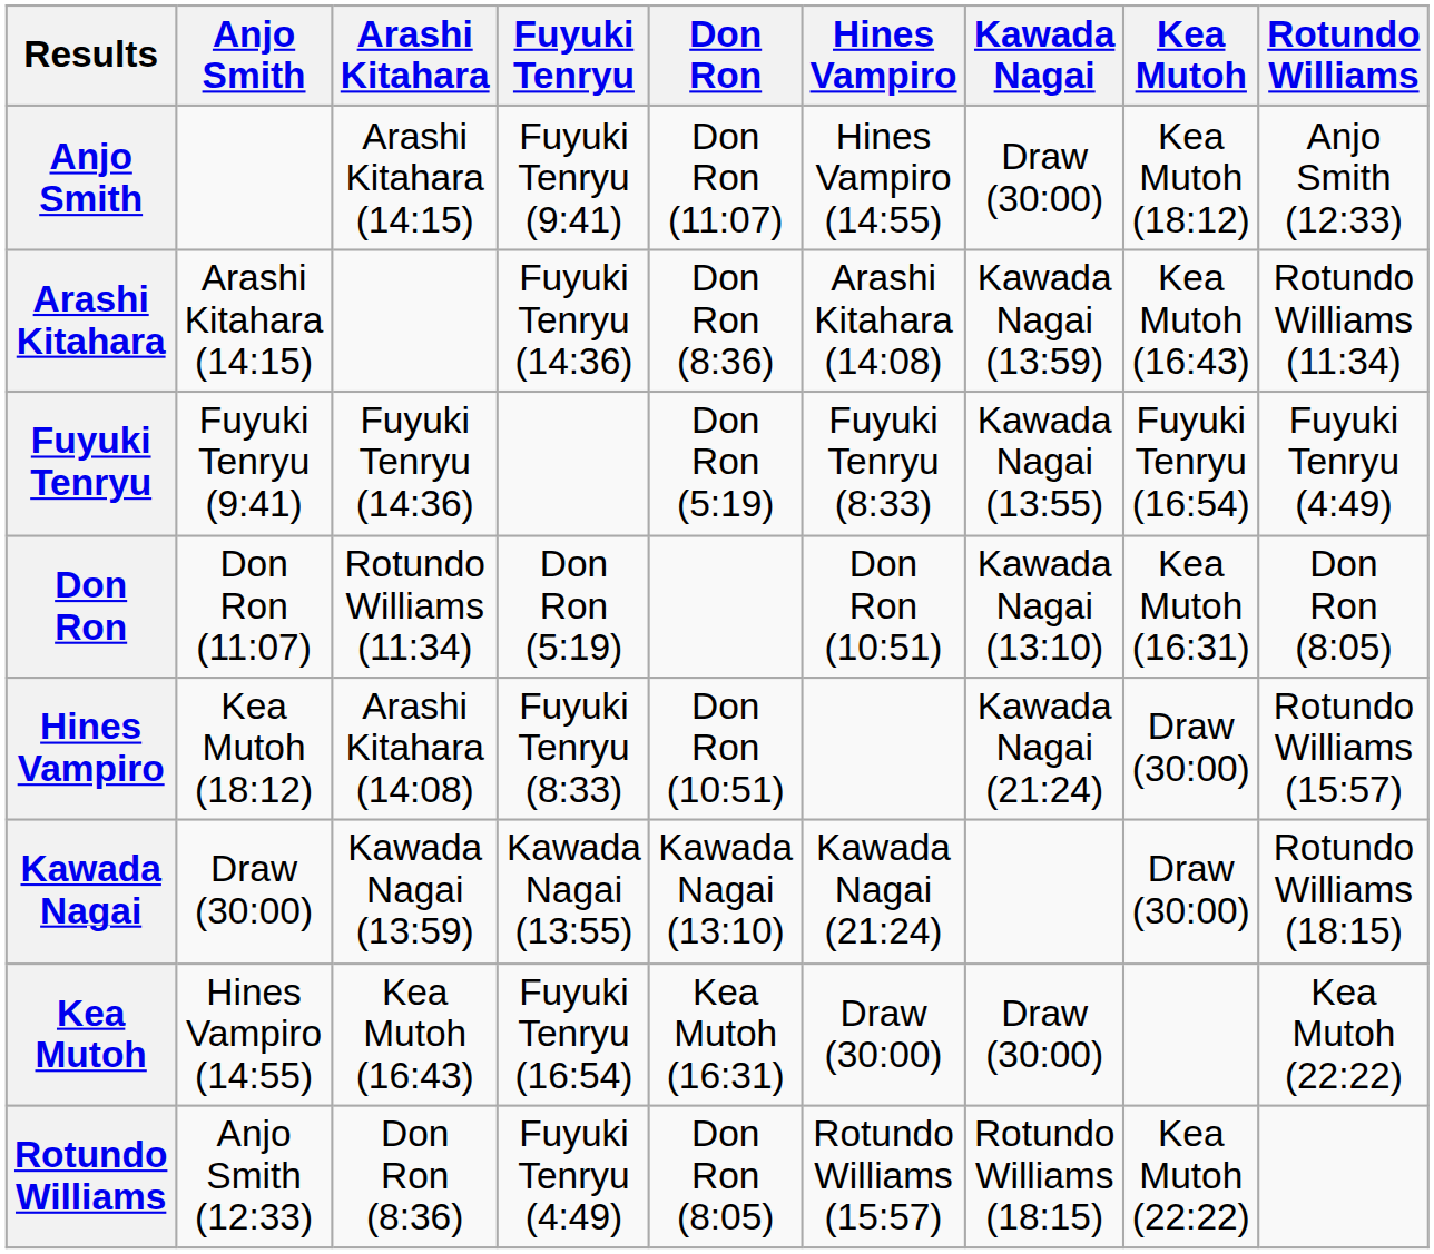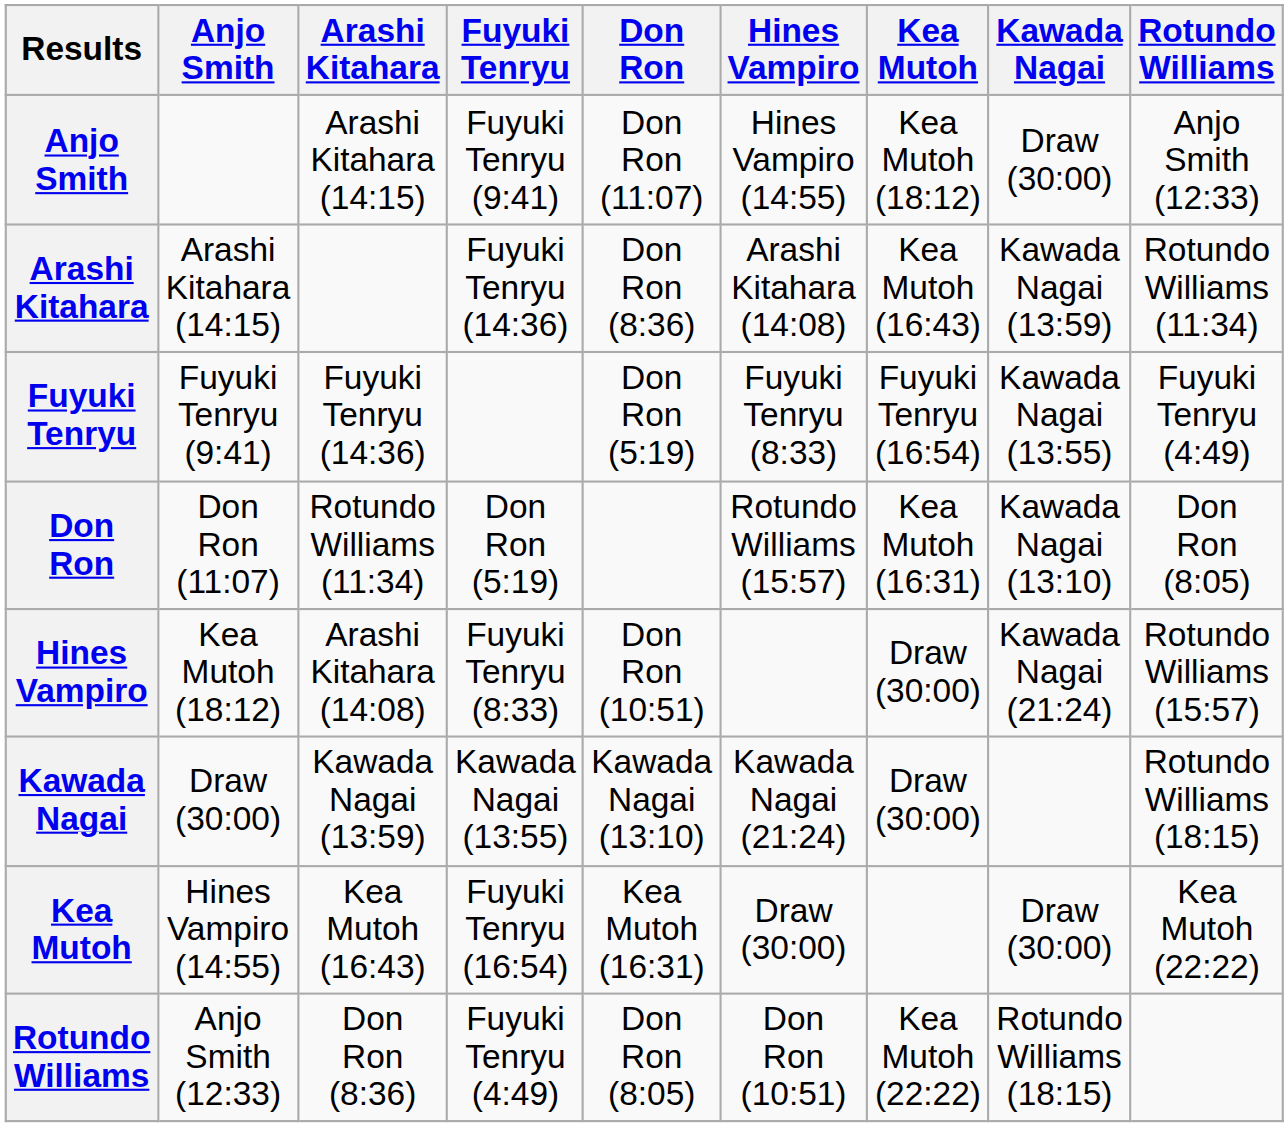 <table class="wikitable" style="text-align:center; margin: 1em auto 1em auto">
 <tr>
 <th>Results</th>
 <th><a href='#'>Anjo</a><br><a href='#'>Smith</a></th>
 <th><a href='#'>Arashi</a><br><a href='#'>Kitahara</a></th>
 <th><a href='#'>Fuyuki</a><br><a href='#'>Tenryu</a></th>
 <th><a href='#'>Don</a><br><a href='#'>Ron</a></th>
 <th><a href='#'>Hines</a><br><a href='#'>Vampiro</a></th>
+<th><a href='#'>Kea</a><br><a href='#'>Mutoh</a></th>
 <th><a href='#'>Kawada</a><br><a href='#'>Nagai</a></th>
-<th><a href='#'>Kea</a><br><a href='#'>Mutoh</a></th>
 <th><a href='#'>Rotundo</a><br><a href='#'>Williams</a></th>
 </tr>
 <tr>
 <th><a href='#'>Anjo</a><br><a href='#'>Smith</a></th>
 <td></td>
 <td>Arashi<br>Kitahara<br>(14:15)</td>
 <td>Fuyuki<br>Tenryu<br>(9:41)</td>
 <td>Don<br>Ron<br>(11:07)</td>
 <td>Hines<br>Vampiro<br>(14:55)</td>
+<td>Kea<br>Mutoh<br>(18:12)</td>
 <td>Draw<br>(30:00)</td>
-<td>Kea<br>Mutoh<br>(18:12)</td>
 <td>Anjo<br>Smith<br>(12:33)</td>
 </tr>
 <tr>
 <th><a href='#'>Arashi</a><br><a href='#'>Kitahara</a></th>
 <td>Arashi<br>Kitahara<br>(14:15)</td>
 <td></td>
 <td>Fuyuki<br>Tenryu<br>(14:36)</td>
 <td>Don<br>Ron<br>(8:36)</td>
 <td>Arashi<br>Kitahara<br>(14:08)</td>
+<td>Kea<br>Mutoh<br>(16:43)</td>
 <td>Kawada<br>Nagai<br>(13:59)</td>
-<td>Kea<br>Mutoh<br>(16:43)</td>
 <td>Rotundo<br>Williams<br>(11:34)</td>
 </tr>
 <tr>
 <th><a href='#'>Fuyuki</a><br><a href='#'>Tenryu</a></th>
 <td>Fuyuki<br>Tenryu<br>(9:41)</td>
 <td>Fuyuki<br>Tenryu<br>(14:36)</td>
 <td></td>
 <td>Don<br>Ron<br>(5:19)</td>
 <td>Fuyuki<br>Tenryu<br>(8:33)</td>
+<td>Fuyuki<br>Tenryu<br>(16:54)</td>
 <td>Kawada<br>Nagai<br>(13:55)</td>
-<td>Fuyuki<br>Tenryu<br>(16:54)</td>
 <td>Fuyuki<br>Tenryu<br>(4:49)</td>
 </tr>
 <tr>
 <th><a href='#'>Don</a><br><a href='#'>Ron</a></th>
 <td>Don<br>Ron<br>(11:07)</td>
 <td>Rotundo<br>Williams<br>(11:34)</td>
 <td>Don<br>Ron<br>(5:19)</td>
 <td></td>
-<td>Don<br>Ron<br>(10:51)</td>
+<td>Rotundo<br>Williams<br>(15:57)</td>
+<td>Kea<br>Mutoh<br>(16:31)</td>
 <td>Kawada<br>Nagai<br>(13:10)</td>
-<td>Kea<br>Mutoh<br>(16:31)</td>
 <td>Don<br>Ron<br>(8:05)</td>
 </tr>
 <tr>
 <th><a href='#'>Hines</a><br><a href='#'>Vampiro</a></th>
 <td>Kea<br>Mutoh<br>(18:12)</td>
 <td>Arashi<br>Kitahara<br>(14:08)</td>
 <td>Fuyuki<br>Tenryu<br>(8:33)</td>
 <td>Don<br>Ron<br>(10:51)</td>
 <td></td>
+<td>Draw<br>(30:00)</td>
 <td>Kawada<br>Nagai<br>(21:24)</td>
-<td>Draw<br>(30:00)</td>
 <td>Rotundo<br>Williams<br>(15:57)</td>
 </tr>
 <tr>
 <th><a href='#'>Kawada</a><br><a href='#'>Nagai</a></th>
 <td>Draw<br>(30:00)</td>
 <td>Kawada<br>Nagai<br>(13:59)</td>
 <td>Kawada<br>Nagai<br>(13:55)</td>
 <td>Kawada<br>Nagai<br>(13:10)</td>
 <td>Kawada<br>Nagai<br>(21:24)</td>
+<td>Draw<br>(30:00)</td>
 <td></td>
-<td>Draw<br>(30:00)</td>
 <td>Rotundo<br>Williams<br>(18:15)</td>
 </tr>
 <tr>
 <th><a href='#'>Kea</a><br><a href='#'>Mutoh</a></th>
 <td>Hines<br>Vampiro<br>(14:55)</td>
 <td>Kea<br>Mutoh<br>(16:43)</td>
 <td>Fuyuki<br>Tenryu<br>(16:54)</td>
 <td>Kea<br>Mutoh<br>(16:31)</td>
 <td>Draw<br>(30:00)</td>
+<td></td>
 <td>Draw<br>(30:00)</td>
-<td></td>
 <td>Kea<br>Mutoh<br>(22:22)</td>
 </tr>
 <tr>
 <th><a href='#'>Rotundo</a><br><a href='#'>Williams</a></th>
 <td>Anjo<br>Smith<br>(12:33)</td>
 <td>Don<br>Ron<br>(8:36)</td>
 <td>Fuyuki<br>Tenryu<br>(4:49)</td>
 <td>Don<br>Ron<br>(8:05)</td>
-<td>Rotundo<br>Williams<br>(15:57)</td>
+<td>Don<br>Ron<br>(10:51)</td>
+<td>Kea<br>Mutoh<br>(22:22)</td>
 <td>Rotundo<br>Williams<br>(18:15)</td>
-<td>Kea<br>Mutoh<br>(22:22)</td>
 <td></td>
 </tr>
 </table>
